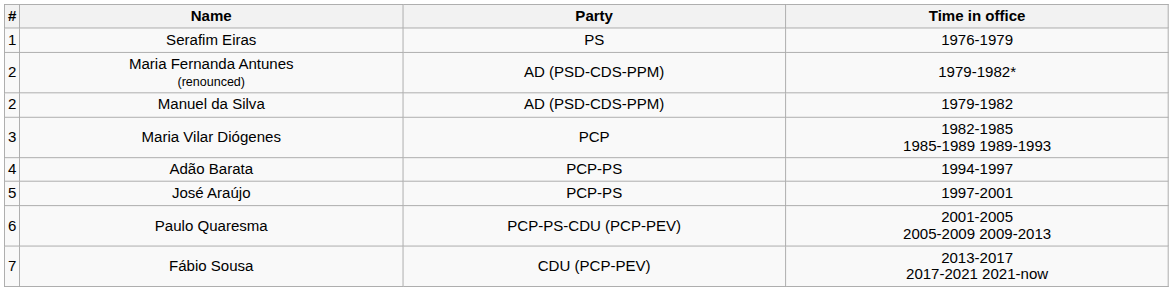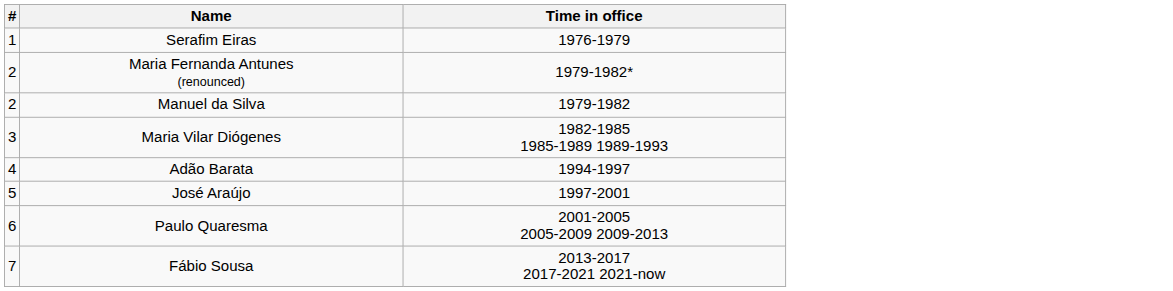 <table class="wikitable">
 <tr>
 <th>#</th>
 <th width="400">Name</th>
-<th width="400">Party</th>
 <th width="400">Time in office</th>
 </tr>
 <tr>
 <td align="center">1</td>
 <td align="center">Serafim Eiras</td>
-<td align="center">PS</td>
 <td align="center">1976-1979</td>
 </tr>
 <tr>
 <td align="center">2</td>
 <td align="center">Maria Fernanda Antunes<br><small>(renounced)</small></td>
-<td align="center">AD (PSD-CDS-PPM)</td>
 <td align="center">1979-1982*</td>
 </tr>
 <tr>
 <td align="center">2</td>
 <td align="center">Manuel da Silva</td>
-<td align="center">AD (PSD-CDS-PPM)</td>
 <td align="center">1979-1982</td>
 </tr>
 <tr>
 <td align="center">3</td>
 <td align="center">Maria Vilar Diógenes</td>
-<td align="center">PCP</td>
 <td align="center">1982-1985<br>1985-1989 1989-1993</td>
 </tr>
 <tr>
 <td align="center">4</td>
 <td align="center">Adão Barata</td>
-<td align="center">PCP-PS</td>
 <td align="center">1994-1997</td>
 </tr>
 <tr>
 <td align="center">5</td>
 <td align="center">José Araújo</td>
-<td align="center">PCP-PS</td>
 <td align="center">1997-2001</td>
 </tr>
 <tr>
 <td align="center">6</td>
 <td align="center">Paulo Quaresma</td>
-<td align="center">PCP-PS-CDU (PCP-PEV)</td>
 <td align="center">2001-2005<br>2005-2009 2009-2013</td>
 </tr>
 <tr>
 <td align="center">7</td>
 <td align="center">Fábio Sousa</td>
-<td align="center">CDU (PCP-PEV)</td>
 <td align="center">2013-2017<br>2017-2021 2021-now</td>
 </tr>
 </table>
